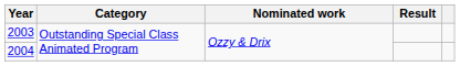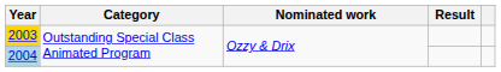 <table class="wikitable sortable">
 <tr>
 <th scope="col" style="width:1em;">Year</th>
 <th scope="col" style="width:33em;">Category</th>
 <th scope="col" style="width:39em;">Nominated work</th>
 <th scope="col" style="width:5em;">Result</th>
 <th scope="col" style="width:2em;" class="unsortable"></th>
 </tr>
 <tr>
-<td><a href='#'>2003</a></td>
+<td style="background: gold;"><a href='#'>2003</a></td>
 <td rowspan="2"><a href='#'>Outstanding Special Class Animated Program</a></td>
 <td rowspan="2"><em><a href='#'>Ozzy & Drix</a></em></td>
 <td></td>
 <td style="text-align:center;"></td>
 </tr>
 <tr>
-<td><a href='#'>2004</a></td>
+<td style="background: lightblue;"><a href='#'>2004</a></td>
 <td></td>
 <td style="text-align:center;"></td>
 </tr>
 </table>
